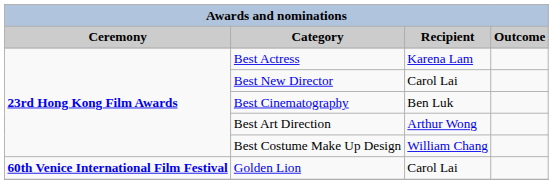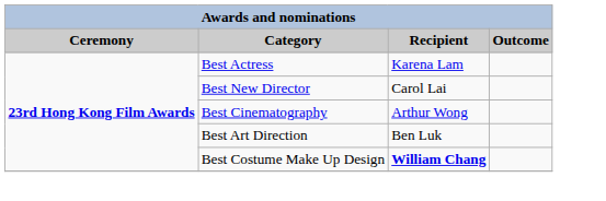 <table class="wikitable" style="font-size:95%;" ;>
 <tr style="background:#ccc; text-align:center;">
 <th colspan="4" style="background: LightSteelBlue;">Awards and nominations</th>
 </tr>
 <tr style="background:#ccc; text-align:center;">
 <th style="background:#ccc">Ceremony</th>
 <th style="background:#ccc">Category</th>
 <th style="background:#ccc">Recipient</th>
 <th style="background:#ccc">Outcome</th>
 </tr>
 <tr>
 <td rowspan=5><strong><a href='#'>23rd Hong Kong Film Awards</a></strong></td>
 <td><a href='#'>Best Actress</a></td>
 <td><a href='#'>Karena Lam</a></td>
 <td></td>
 </tr>
 <tr>
 <td><a href='#'>Best New Director</a></td>
 <td>Carol Lai</td>
 <td></td>
 </tr>
 <tr>
 <td><a href='#'>Best Cinematography</a></td>
+<td><a href='#'>Arthur Wong</a></td>
+<td></td>
+</tr>
+<tr>
+<td>Best Art Direction</td>
 <td>Ben Luk</td>
 <td></td>
 </tr>
 <tr>
-<td>Best Art Direction</td>
-<td><a href='#'>Arthur Wong</a></td>
-<td></td>
-</tr>
-<tr>
 <td>Best Costume Make Up Design</td>
-<td><a href='#'>William Chang</a></td>
-<td></td>
-</tr>
-<tr>
-<td><strong><a href='#'>60th Venice International Film Festival</a></strong></td>
-<td><a href='#'>Golden Lion</a></td>
-<td>Carol Lai</td>
+<td><strong><a href='#'>William Chang</a></strong></td>
 <td></td>
 </tr>
 <tr>
 </tr>
 </table>
